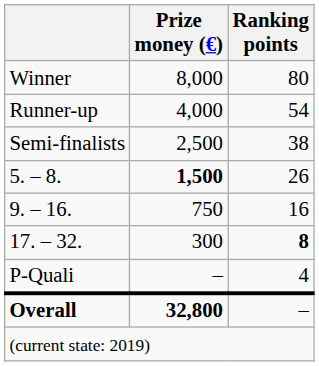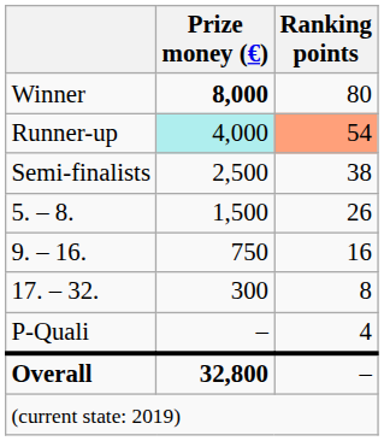 <table class="wikitable">
 <tr>
 <th></th>
 <th>Prize<br>money (<a href='#'>€</a>)</th>
 <th>Ranking<br>points</th>
 </tr>
 <tr>
 <td>Winner</td>
-<td style="text-align:right">8,000</td>
+<td style="text-align:right"><strong>8,000</strong></td>
 <td style="text-align:right">80</td>
 </tr>
 <tr>
 <td>Runner-up</td>
-<td style="text-align:right">4,000</td>
-<td style="text-align:right">54</td>
+<td style="background: paleturquoise; text-align:right">4,000</td>
+<td style="background: lightsalmon; text-align:right">54</td>
 </tr>
 <tr>
 <td>Semi-finalists</td>
 <td style="text-align:right">2,500</td>
 <td style="text-align:right">38</td>
 </tr>
 <tr>
 <td>5. – 8.</td>
-<td style="text-align:right"><strong>1,500</strong></td>
+<td style="text-align:right">1,500</td>
 <td style="text-align:right">26</td>
 </tr>
 <tr>
 <td>9. – 16.</td>
 <td style="text-align:right">750</td>
 <td style="text-align:right">16</td>
 </tr>
 <tr>
 <td>17. – 32.</td>
 <td style="text-align:right">300</td>
-<td style="text-align:right"><strong>8</strong></td>
+<td style="text-align:right">8</td>
 </tr>
 <tr>
 <td>P-Quali</td>
 <td style="text-align:right">–</td>
 <td style="text-align:right">4</td>
 </tr>
 <tr style="border-top:medium solid">
 <td><strong>Overall</strong></td>
 <td style="text-align:right"><strong>32,800</strong></td>
 <td style="text-align:right">–</td>
 </tr>
 <tr>
 <td colspan="3"><small>(current state: 2019)</small></td>
 </tr>
 </table>
